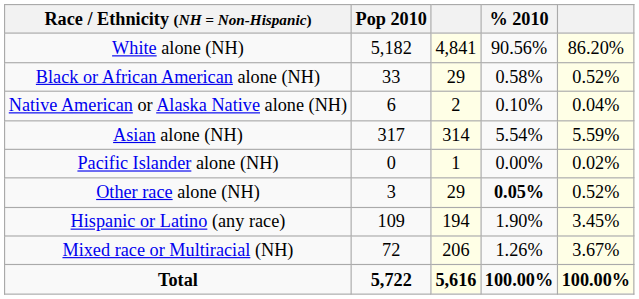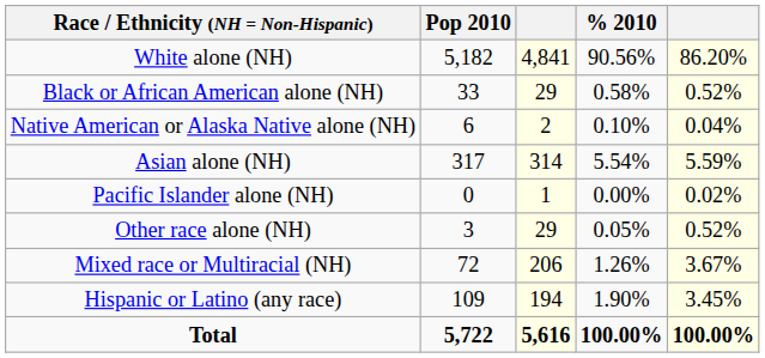 <table class="wikitable" style="text-align:center;">
 <tr>
 <th>Race / Ethnicity <small>(<em>NH = Non-Hispanic</em>)</small></th>
 <th>Pop 2010</th>
 <th></th>
 <th>% 2010</th>
 <th></th>
 </tr>
 <tr>
 <td><a href='#'>White</a> alone (NH)</td>
 <td>5,182</td>
 <td style='background: #ffffe6;'>4,841</td>
 <td>90.56%</td>
 <td style='background: #ffffe6;'>86.20%</td>
 </tr>
 <tr>
 <td><a href='#'>Black or African American</a> alone (NH)</td>
 <td>33</td>
 <td style='background: #ffffe6;'>29</td>
 <td>0.58%</td>
 <td style='background: #ffffe6;'>0.52%</td>
 </tr>
 <tr>
 <td><a href='#'>Native American</a> or <a href='#'>Alaska Native</a> alone (NH)</td>
 <td>6</td>
 <td style='background: #ffffe6;'>2</td>
 <td>0.10%</td>
 <td style='background: #ffffe6;'>0.04%</td>
 </tr>
 <tr>
 <td><a href='#'>Asian</a> alone (NH)</td>
 <td>317</td>
 <td style='background: #ffffe6;'>314</td>
 <td>5.54%</td>
 <td style='background: #ffffe6;'>5.59%</td>
 </tr>
 <tr>
 <td><a href='#'>Pacific Islander</a> alone (NH)</td>
 <td>0</td>
 <td style='background: #ffffe6;'>1</td>
 <td>0.00%</td>
 <td style='background: #ffffe6;'>0.02%</td>
 </tr>
 <tr>
 <td><a href='#'>Other race</a> alone (NH)</td>
 <td>3</td>
 <td style='background: #ffffe6;'>29</td>
-<td><strong>0.05%</strong></td>
+<td>0.05%</td>
 <td style='background: #ffffe6;'>0.52%</td>
+</tr>
+<tr>
+<td><a href='#'>Mixed race or Multiracial</a> (NH)</td>
+<td>72</td>
+<td style='background: #ffffe6;'>206</td>
+<td>1.26%</td>
+<td style='background: #ffffe6;'>3.67%</td>
 </tr>
 <tr>
 <td><a href='#'>Hispanic or Latino</a> (any race)</td>
 <td>109</td>
 <td style='background: #ffffe6;'>194</td>
 <td>1.90%</td>
 <td style='background: #ffffe6;'>3.45%</td>
 </tr>
 <tr>
-<td><a href='#'>Mixed race or Multiracial</a> (NH)</td>
-<td>72</td>
-<td style='background: #ffffe6;'>206</td>
-<td>1.26%</td>
-<td style='background: #ffffe6;'>3.67%</td>
-</tr>
-<tr>
 <td><strong>Total</strong></td>
 <td><strong>5,722</strong></td>
 <td style='background: #ffffe6;'><strong>5,616</strong></td>
 <td><strong>100.00%</strong></td>
 <td style='background: #ffffe6;'><strong>100.00%</strong></td>
 </tr>
 </table>
